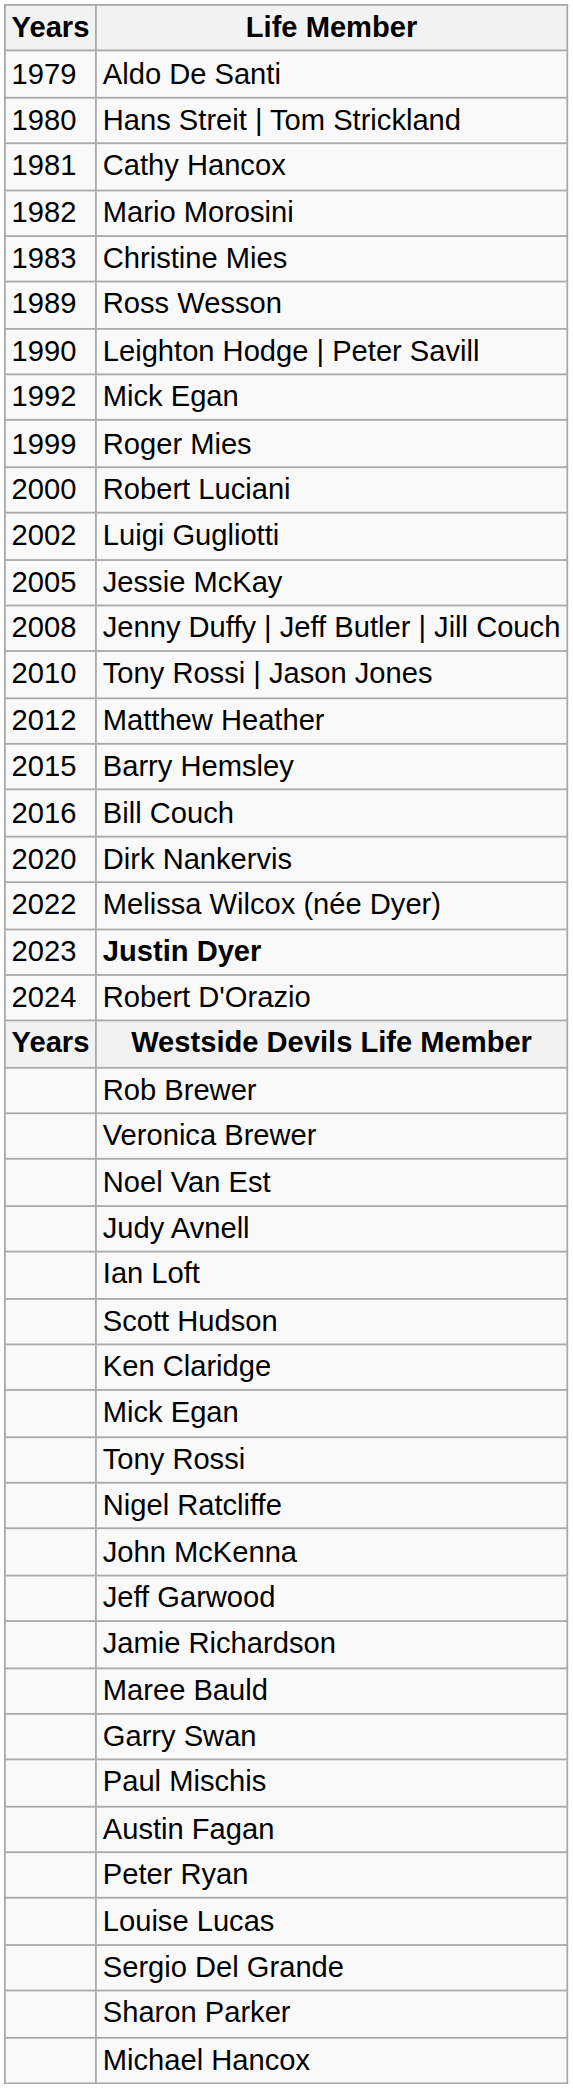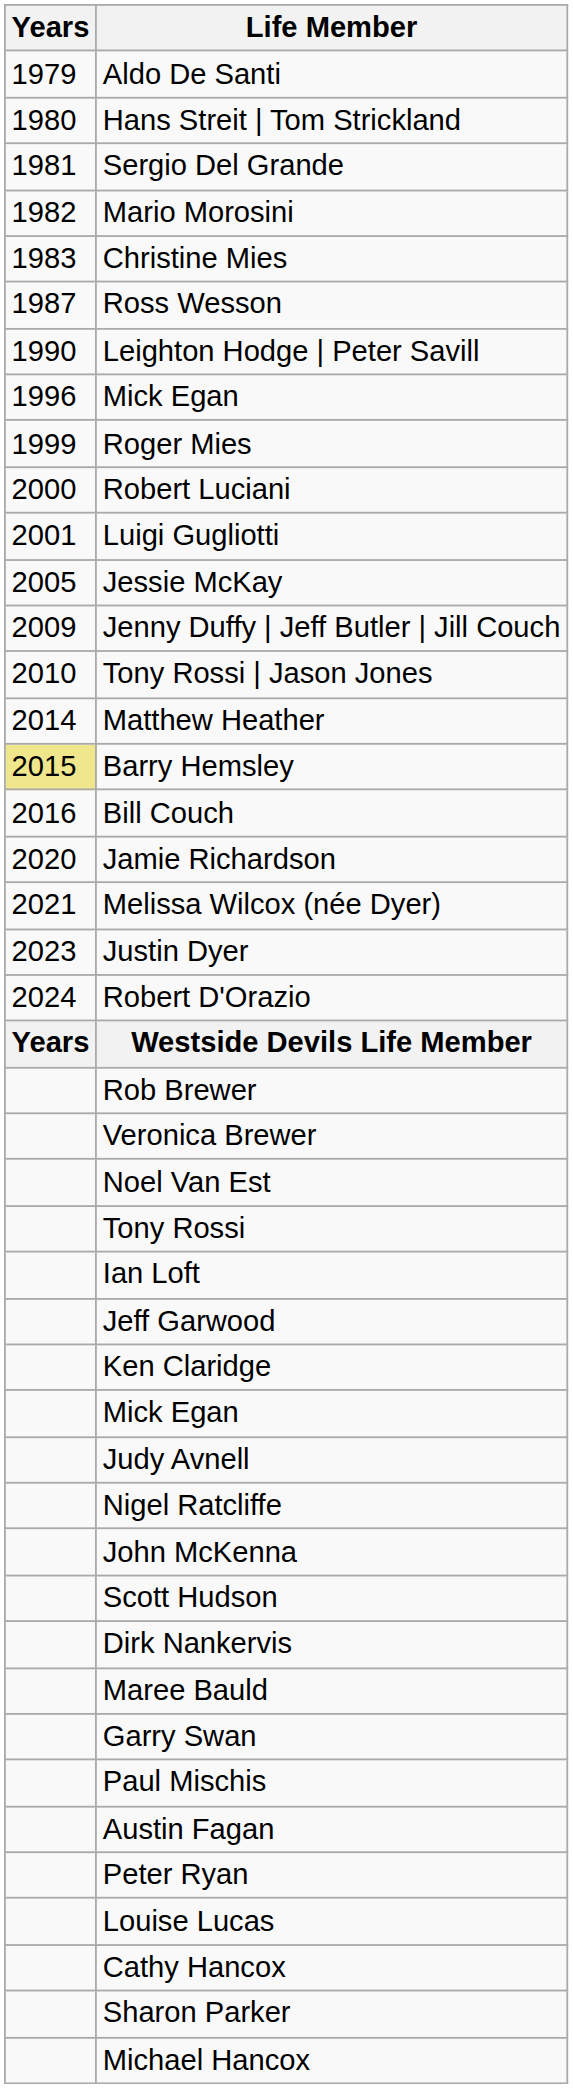 <table class="wikitable">
 <tr>
 <th>Years</th>
 <th>Life Member</th>
 </tr>
 <tr>
 <td>1979</td>
 <td> Aldo De Santi</td>
 </tr>
 <tr>
 <td>1980</td>
 <td> Hans Streit |  Tom Strickland</td>
 </tr>
 <tr>
 <td>1981</td>
-<td> Cathy Hancox</td>
+<td> Sergio Del Grande</td>
 </tr>
 <tr>
 <td>1982</td>
 <td> Mario Morosini</td>
 </tr>
 <tr>
 <td>1983</td>
 <td> Christine Mies</td>
 </tr>
 <tr>
-<td>1989</td>
+<td>1987</td>
 <td> Ross Wesson</td>
 </tr>
 <tr>
 <td>1990</td>
 <td> Leighton Hodge |  Peter Savill</td>
 </tr>
 <tr>
-<td>1992</td>
+<td>1996</td>
 <td> Mick Egan</td>
 </tr>
 <tr>
 <td>1999</td>
 <td> Roger Mies</td>
 </tr>
 <tr>
 <td>2000</td>
 <td> Robert Luciani</td>
 </tr>
 <tr>
-<td>2002</td>
+<td>2001</td>
 <td> Luigi Gugliotti</td>
 </tr>
 <tr>
 <td>2005</td>
 <td> Jessie McKay</td>
 </tr>
 <tr>
-<td>2008</td>
+<td>2009</td>
 <td> Jenny Duffy |  Jeff Butler |  Jill Couch</td>
 </tr>
 <tr>
 <td>2010</td>
 <td> Tony Rossi |  Jason Jones</td>
 </tr>
 <tr>
-<td>2012</td>
+<td>2014</td>
 <td> Matthew Heather</td>
 </tr>
 <tr>
-<td>2015</td>
+<td style="background: khaki;">2015</td>
 <td> Barry Hemsley</td>
 </tr>
 <tr>
 <td>2016</td>
 <td> Bill Couch</td>
 </tr>
 <tr>
 <td>2020</td>
-<td> Dirk Nankervis</td>
+<td> Jamie Richardson</td>
 </tr>
 <tr>
-<td>2022</td>
+<td>2021</td>
 <td> Melissa Wilcox (née Dyer)</td>
 </tr>
 <tr>
 <td>2023</td>
-<td><strong> Justin Dyer</strong></td>
+<td> Justin Dyer</td>
 </tr>
 <tr>
 <td>2024</td>
 <td> Robert D'Orazio</td>
 </tr>
 <tr>
 <th>Years</th>
 <th>Westside Devils Life Member</th>
 </tr>
 <tr>
 <td></td>
 <td> Rob Brewer</td>
 </tr>
 <tr>
 <td></td>
 <td> Veronica Brewer</td>
 </tr>
 <tr>
 <td></td>
 <td> Noel Van Est</td>
 </tr>
 <tr>
 <td></td>
-<td> Judy Avnell</td>
+<td> Tony Rossi</td>
 </tr>
 <tr>
 <td></td>
 <td> Ian Loft</td>
 </tr>
 <tr>
 <td></td>
-<td> Scott Hudson</td>
+<td> Jeff Garwood</td>
 </tr>
 <tr>
 <td></td>
 <td> Ken Claridge</td>
 </tr>
 <tr>
 <td></td>
 <td> Mick Egan</td>
 </tr>
 <tr>
 <td></td>
-<td> Tony Rossi</td>
+<td> Judy Avnell</td>
 </tr>
 <tr>
 <td></td>
 <td> Nigel Ratcliffe</td>
 </tr>
 <tr>
 <td></td>
 <td> John McKenna</td>
 </tr>
 <tr>
 <td></td>
-<td> Jeff Garwood</td>
+<td> Scott Hudson</td>
 </tr>
 <tr>
 <td></td>
-<td> Jamie Richardson</td>
+<td> Dirk Nankervis</td>
 </tr>
 <tr>
 <td></td>
 <td> Maree Bauld</td>
 </tr>
 <tr>
 <td></td>
 <td> Garry Swan</td>
 </tr>
 <tr>
 <td></td>
 <td> Paul Mischis</td>
 </tr>
 <tr>
 <td></td>
 <td> Austin Fagan</td>
 </tr>
 <tr>
 <td></td>
 <td> Peter Ryan</td>
 </tr>
 <tr>
 <td></td>
 <td> Louise Lucas</td>
 </tr>
 <tr>
 <td></td>
-<td> Sergio Del Grande</td>
+<td> Cathy Hancox</td>
 </tr>
 <tr>
 <td></td>
 <td> Sharon Parker</td>
 </tr>
 <tr>
 <td></td>
 <td> Michael Hancox</td>
 </tr>
 </table>
